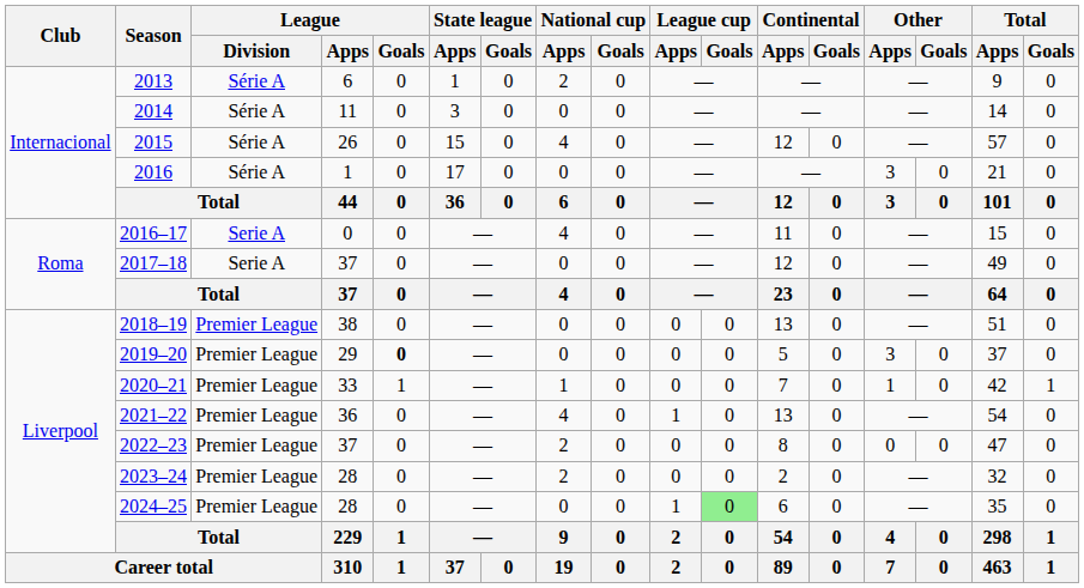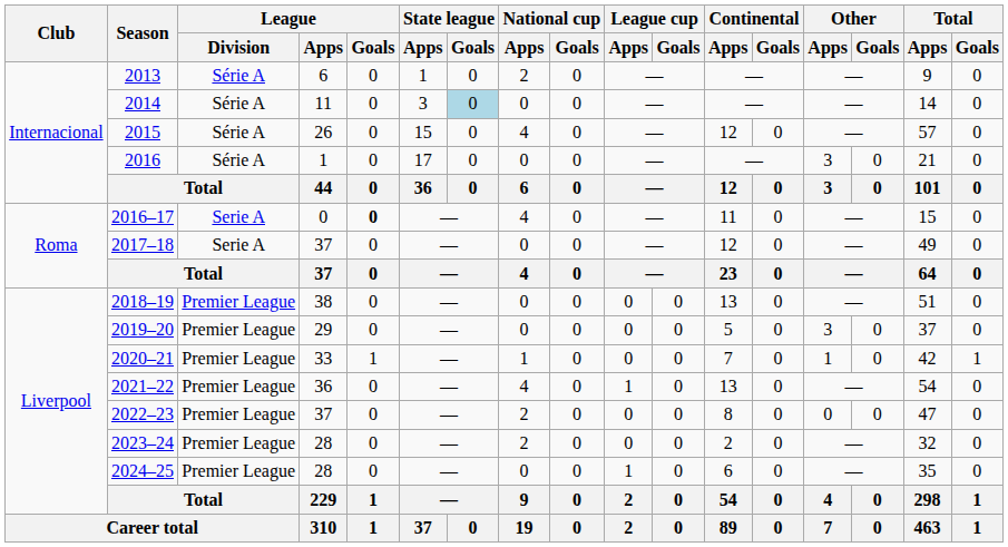 <table class="wikitable" style="text-align: center;">
 <tr>
 <th rowspan="2">Club</th>
 <th rowspan="2">Season</th>
 <th colspan="3">League</th>
 <th colspan="2">State league</th>
 <th colspan="2">National cup</th>
 <th colspan="2">League cup</th>
 <th colspan="2">Continental</th>
 <th colspan="2">Other</th>
 <th colspan="2">Total</th>
 </tr>
 <tr>
 <th>Division</th>
 <th>Apps</th>
 <th>Goals</th>
 <th>Apps</th>
 <th>Goals</th>
 <th>Apps</th>
 <th>Goals</th>
 <th>Apps</th>
 <th>Goals</th>
 <th>Apps</th>
 <th>Goals</th>
 <th>Apps</th>
 <th>Goals</th>
 <th>Apps</th>
 <th>Goals</th>
 </tr>
 <tr>
 <td rowspan="5"><a href='#'>Internacional</a></td>
 <td><a href='#'>2013</a></td>
 <td><a href='#'>Série A</a></td>
 <td>6</td>
 <td>0</td>
 <td>1</td>
 <td>0</td>
 <td>2</td>
 <td>0</td>
 <td colspan="2">—</td>
 <td colspan="2">—</td>
 <td colspan="2">—</td>
 <td>9</td>
 <td>0</td>
 </tr>
 <tr>
 <td><a href='#'>2014</a></td>
 <td>Série A</td>
 <td>11</td>
 <td>0</td>
 <td>3</td>
-<td>0</td>
+<td style="background: lightblue;">0</td>
 <td>0</td>
 <td>0</td>
 <td colspan="2">—</td>
 <td colspan="2">—</td>
 <td colspan="2">—</td>
 <td>14</td>
 <td>0</td>
 </tr>
 <tr>
 <td><a href='#'>2015</a></td>
 <td>Série A</td>
 <td>26</td>
 <td>0</td>
 <td>15</td>
 <td>0</td>
 <td>4</td>
 <td>0</td>
 <td colspan="2">—</td>
 <td>12</td>
 <td>0</td>
 <td colspan="2">—</td>
 <td>57</td>
 <td>0</td>
 </tr>
 <tr>
 <td><a href='#'>2016</a></td>
 <td>Série A</td>
 <td>1</td>
 <td>0</td>
 <td>17</td>
 <td>0</td>
 <td>0</td>
 <td>0</td>
 <td colspan="2">—</td>
 <td colspan="2">—</td>
 <td>3</td>
 <td>0</td>
 <td>21</td>
 <td>0</td>
 </tr>
 <tr>
 <th colspan="2">Total</th>
 <th>44</th>
 <th>0</th>
 <th>36</th>
 <th>0</th>
 <th>6</th>
 <th>0</th>
 <th colspan="2">—</th>
 <th>12</th>
 <th>0</th>
 <th>3</th>
 <th>0</th>
 <th>101</th>
 <th>0</th>
 </tr>
 <tr>
 <td rowspan="3"><a href='#'>Roma</a></td>
 <td><a href='#'>2016–17</a></td>
 <td><a href='#'>Serie A</a></td>
 <td>0</td>
-<td>0</td>
+<td><strong>0</strong></td>
 <td colspan="2">—</td>
 <td>4</td>
 <td>0</td>
 <td colspan="2">—</td>
 <td>11</td>
 <td>0</td>
 <td colspan="2">—</td>
 <td>15</td>
 <td>0</td>
 </tr>
 <tr>
 <td><a href='#'>2017–18</a></td>
 <td>Serie A</td>
 <td>37</td>
 <td>0</td>
 <td colspan="2">—</td>
 <td>0</td>
 <td>0</td>
 <td colspan="2">—</td>
 <td>12</td>
 <td>0</td>
 <td colspan="2">—</td>
 <td>49</td>
 <td>0</td>
 </tr>
 <tr>
 <th colspan="2">Total</th>
 <th>37</th>
 <th>0</th>
 <th colspan="2">—</th>
 <th>4</th>
 <th>0</th>
 <th colspan="2">—</th>
 <th>23</th>
 <th>0</th>
 <th colspan="2">—</th>
 <th>64</th>
 <th>0</th>
 </tr>
 <tr>
 <td rowspan="8"><a href='#'>Liverpool</a></td>
 <td><a href='#'>2018–19</a></td>
 <td><a href='#'>Premier League</a></td>
 <td>38</td>
 <td>0</td>
 <td colspan="2">—</td>
 <td>0</td>
 <td>0</td>
 <td>0</td>
 <td>0</td>
 <td>13</td>
 <td>0</td>
 <td colspan="2">—</td>
 <td>51</td>
 <td>0</td>
 </tr>
 <tr>
 <td><a href='#'>2019–20</a></td>
 <td>Premier League</td>
 <td>29</td>
-<td><strong>0</strong></td>
+<td>0</td>
 <td colspan="2">—</td>
 <td>0</td>
 <td>0</td>
 <td>0</td>
 <td>0</td>
 <td>5</td>
 <td>0</td>
 <td>3</td>
 <td>0</td>
 <td>37</td>
 <td>0</td>
 </tr>
 <tr>
 <td><a href='#'>2020–21</a></td>
 <td>Premier League</td>
 <td>33</td>
 <td>1</td>
 <td colspan="2">—</td>
 <td>1</td>
 <td>0</td>
 <td>0</td>
 <td>0</td>
 <td>7</td>
 <td>0</td>
 <td>1</td>
 <td>0</td>
 <td>42</td>
 <td>1</td>
 </tr>
 <tr>
 <td><a href='#'>2021–22</a></td>
 <td>Premier League</td>
 <td>36</td>
 <td>0</td>
 <td colspan="2">—</td>
 <td>4</td>
 <td>0</td>
 <td>1</td>
 <td>0</td>
 <td>13</td>
 <td>0</td>
 <td colspan="2">—</td>
 <td>54</td>
 <td>0</td>
 </tr>
 <tr>
 <td><a href='#'>2022–23</a></td>
 <td>Premier League</td>
 <td>37</td>
 <td>0</td>
 <td colspan="2">—</td>
 <td>2</td>
 <td>0</td>
 <td>0</td>
 <td>0</td>
 <td>8</td>
 <td>0</td>
 <td>0</td>
 <td>0</td>
 <td>47</td>
 <td>0</td>
 </tr>
 <tr>
 <td><a href='#'>2023–24</a></td>
 <td>Premier League</td>
 <td>28</td>
 <td>0</td>
 <td colspan="2">—</td>
 <td>2</td>
 <td>0</td>
 <td>0</td>
 <td>0</td>
 <td>2</td>
 <td>0</td>
 <td colspan="2">—</td>
 <td>32</td>
 <td>0</td>
 </tr>
 <tr>
 <td><a href='#'>2024–25</a></td>
 <td>Premier League</td>
 <td>28</td>
 <td>0</td>
 <td colspan="2">—</td>
 <td>0</td>
 <td>0</td>
 <td>1</td>
-<td style="background: lightgreen;">0</td>
+<td>0</td>
 <td>6</td>
 <td>0</td>
 <td colspan="2">—</td>
 <td>35</td>
 <td>0</td>
 </tr>
 <tr>
 <th colspan="2">Total</th>
 <th>229</th>
 <th>1</th>
 <th colspan="2">—</th>
 <th>9</th>
 <th>0</th>
 <th>2</th>
 <th>0</th>
 <th>54</th>
 <th>0</th>
 <th>4</th>
 <th>0</th>
 <th>298</th>
 <th>1</th>
 </tr>
 <tr>
 <th colspan="3">Career total</th>
 <th>310</th>
 <th>1</th>
 <th>37</th>
 <th>0</th>
 <th>19</th>
 <th>0</th>
 <th>2</th>
 <th>0</th>
 <th>89</th>
 <th>0</th>
 <th>7</th>
 <th>0</th>
 <th>463</th>
 <th>1</th>
 </tr>
 </table>
